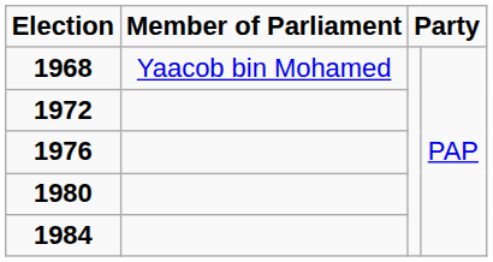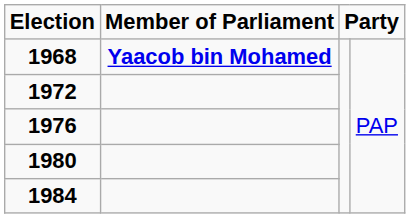 <table class="wikitable" align="center" style="text-align:center">
 <tr>
 <td><strong>Election</strong></td>
 <td><strong>Member of Parliament</strong></td>
 <td colspan="2"><strong>Party</strong></td>
 </tr>
 <tr>
 <td><strong>1968</strong></td>
-<td><a href='#'>Yaacob bin Mohamed</a></td>
+<td><strong><a href='#'>Yaacob bin Mohamed</a></strong></td>
 <td rowspan="5"></td>
 <td rowspan="5"><a href='#'>PAP</a></td>
 </tr>
 <tr>
 <td><strong>1972</strong></td>
 <td></td>
 </tr>
 <tr>
 <td><strong>1976</strong></td>
 <td></td>
 </tr>
 <tr>
 <td><strong>1980</strong></td>
 <td></td>
 </tr>
 <tr>
 <td><strong>1984</strong></td>
 <td></td>
 </tr>
 </table>
